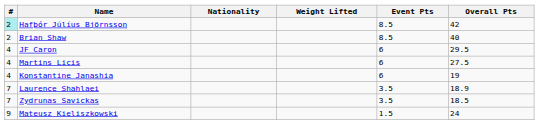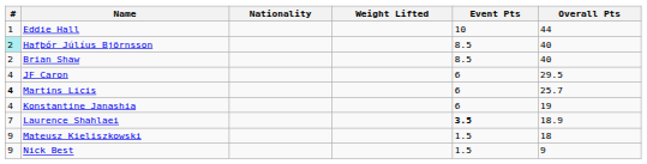 <table class="wikitable sortable" style="display: inline-table; width: 100%;">
 <tr>
 <th>#</th>
 <th>Name</th>
 <th>Nationality</th>
 <th>Weight Lifted</th>
 <th>Event Pts</th>
 <th>Overall Pts</th>
 </tr>
 <tr>
+<td>1</td>
+<td><a href='#'>Eddie Hall</a></td>
+<td></td>
+<td></td>
+<td>10</td>
+<td>44</td>
+</tr>
+<tr>
 <td style="background: paleturquoise;">2</td>
 <td><a href='#'>Hafþór Júlíus Björnsson</a></td>
 <td></td>
 <td></td>
 <td>8.5</td>
-<td>42</td>
+<td>40</td>
 </tr>
 <tr>
 <td>2</td>
 <td><a href='#'>Brian Shaw</a></td>
 <td></td>
 <td></td>
 <td>8.5</td>
 <td>40</td>
 </tr>
 <tr>
 <td>4</td>
 <td><a href='#'>JF Caron</a></td>
 <td></td>
 <td></td>
 <td>6</td>
 <td>29.5</td>
 </tr>
 <tr>
-<td>4</td>
+<td><strong>4</strong></td>
 <td><a href='#'>Martins Licis</a></td>
 <td></td>
 <td></td>
 <td>6</td>
-<td>27.5</td>
+<td>25.7</td>
 </tr>
 <tr>
 <td>4</td>
 <td><a href='#'>Konstantine Janashia</a></td>
 <td></td>
 <td></td>
 <td>6</td>
 <td>19</td>
 </tr>
 <tr>
 <td>7</td>
 <td><a href='#'>Laurence Shahlaei</a></td>
 <td></td>
 <td></td>
-<td>3.5</td>
+<td><strong>3.5</strong></td>
 <td>18.9</td>
-</tr>
-<tr>
-<td>7</td>
-<td><a href='#'>Zydrunas Savickas</a></td>
-<td></td>
-<td></td>
-<td>3.5</td>
-<td>18.5</td>
 </tr>
 <tr>
 <td>9</td>
 <td><a href='#'>Mateusz Kieliszkowski</a></td>
 <td></td>
 <td></td>
 <td>1.5</td>
-<td>24</td>
+<td>18</td>
+</tr>
+<tr>
+<td>9</td>
+<td><a href='#'>Nick Best</a></td>
+<td></td>
+<td></td>
+<td>1.5</td>
+<td>9</td>
 </tr>
 </table>
